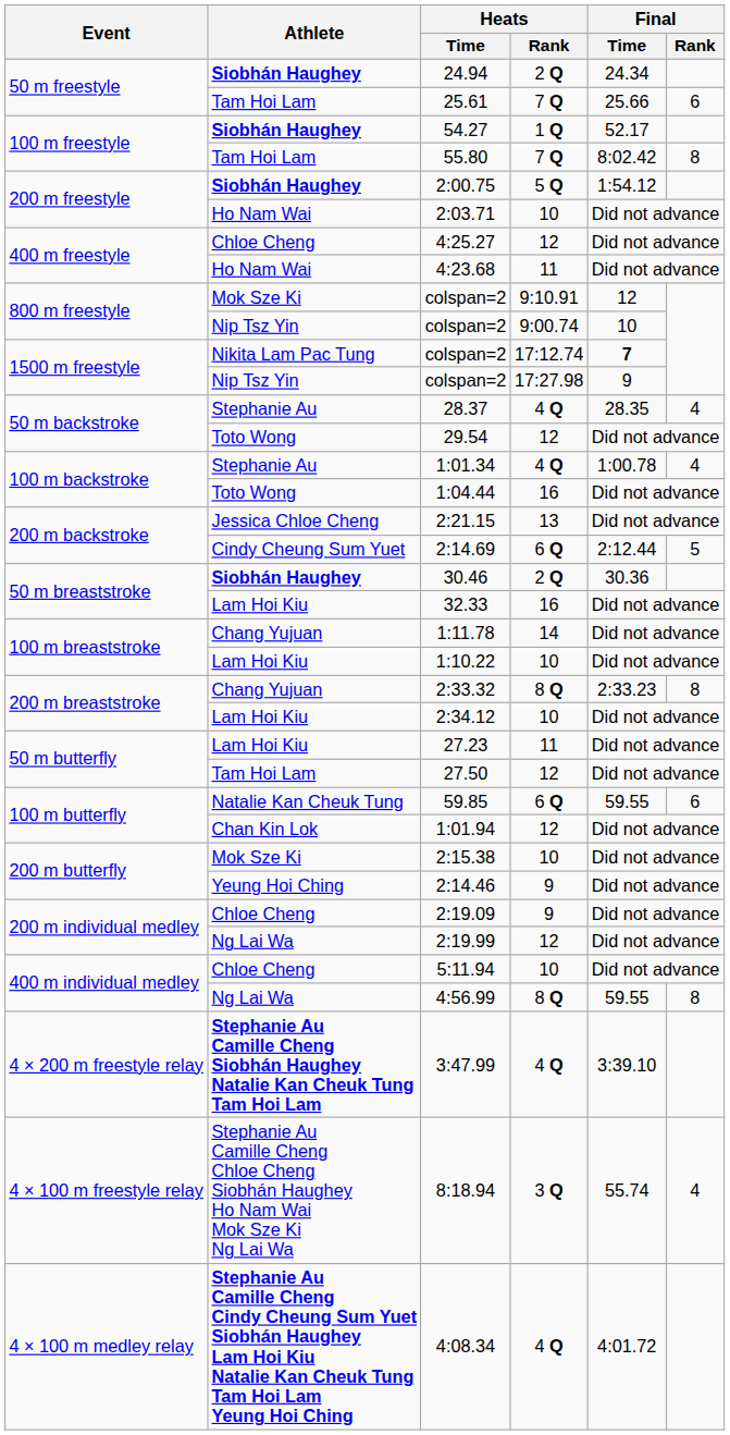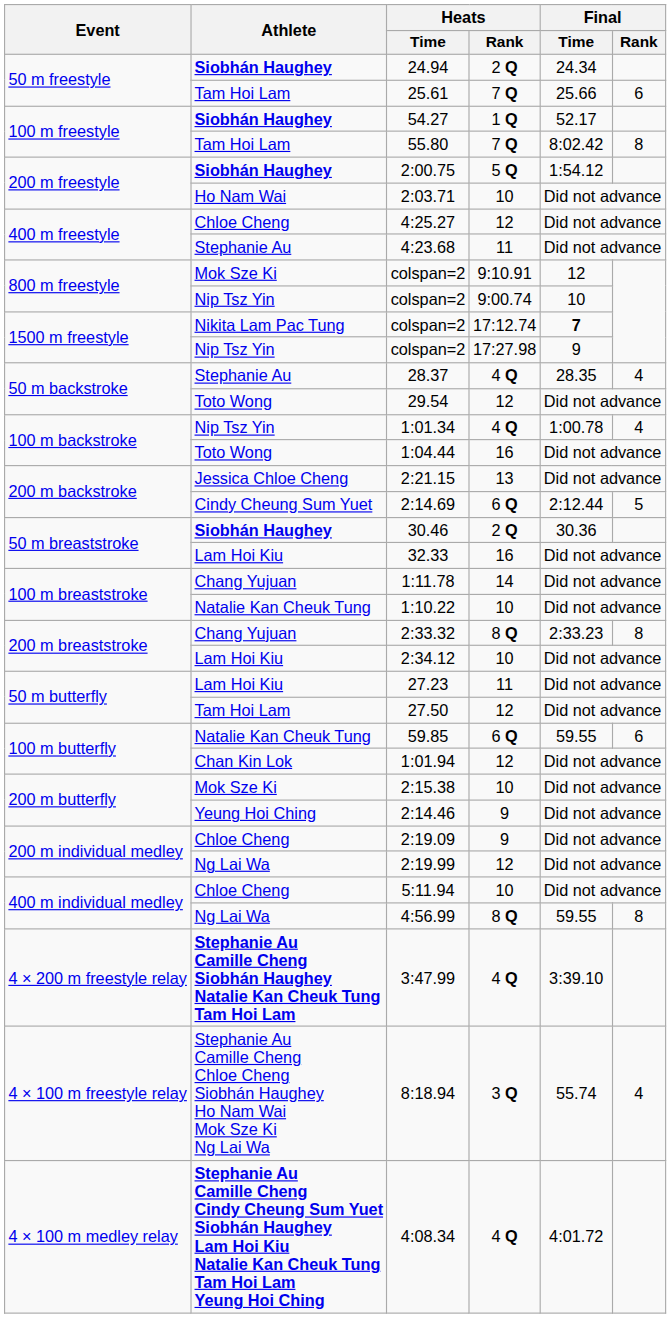 <table class=wikitable style="font-size:90%">
 <tr>
 <th rowspan="2">Event</th>
 <th rowspan="2">Athlete</th>
 <th colspan="2">Heats</th>
 <th colspan="2">Final</th>
 </tr>
 <tr style="font-size:95%">
 <th>Time</th>
 <th>Rank</th>
 <th>Time</th>
 <th>Rank</th>
 </tr>
 <tr align=center>
 <td align=left rowspan=2><a href='#'>50 m freestyle</a></td>
 <td align=left><strong><a href='#'>Siobhán Haughey</a></strong></td>
 <td>24.94</td>
 <td>2 <strong>Q</strong></td>
 <td>24.34</td>
 <td></td>
 </tr>
 <tr align=center>
 <td align=left><a href='#'>Tam Hoi Lam</a></td>
 <td>25.61</td>
 <td>7 <strong>Q</strong></td>
 <td>25.66</td>
 <td>6</td>
 </tr>
 <tr align=center>
 <td align=left rowspan=2><a href='#'>100 m freestyle</a></td>
 <td align=left><strong><a href='#'>Siobhán Haughey</a></strong></td>
 <td>54.27</td>
 <td>1 <strong>Q</strong></td>
 <td>52.17 </td>
 <td></td>
 </tr>
 <tr align=center>
 <td align=left><a href='#'>Tam Hoi Lam</a></td>
 <td>55.80</td>
 <td>7 <strong>Q</strong></td>
 <td>8:02.42</td>
 <td>8</td>
 </tr>
 <tr align=center>
 <td align=left rowspan=2><a href='#'>200 m freestyle</a></td>
 <td align=left><strong><a href='#'>Siobhán Haughey</a></strong></td>
 <td>2:00.75</td>
 <td>5 <strong>Q</strong></td>
 <td>1:54.12 </td>
 <td></td>
 </tr>
 <tr align=center>
 <td align=left><a href='#'>Ho Nam Wai</a></td>
 <td>2:03.71</td>
 <td>10</td>
 <td colspan=2>Did not advance</td>
 </tr>
 <tr align=center>
 <td align=left rowspan=2><a href='#'>400 m freestyle</a></td>
 <td align=left><a href='#'>Chloe Cheng</a></td>
 <td>4:25.27</td>
 <td>12</td>
 <td colspan=2>Did not advance</td>
 </tr>
 <tr align=center>
-<td align=left><a href='#'>Ho Nam Wai</a></td>
+<td align=left><a href='#'>Stephanie Au</a></td>
 <td>4:23.68</td>
 <td>11</td>
 <td colspan=2>Did not advance</td>
 </tr>
 <tr align=center>
 <td align=left rowspan=2><a href='#'>800 m freestyle</a></td>
 <td align=left><a href='#'>Mok Sze Ki</a></td>
 <td>colspan=2 </td>
 <td>9:10.91</td>
 <td>12</td>
 </tr>
 <tr align=center>
 <td align=left><a href='#'>Nip Tsz Yin</a></td>
 <td>colspan=2 </td>
 <td>9:00.74</td>
 <td>10</td>
 </tr>
 <tr align=center>
 <td align=left rowspan=2><a href='#'>1500 m freestyle</a></td>
 <td align=left><a href='#'>Nikita Lam Pac Tung</a></td>
 <td>colspan=2 </td>
 <td>17:12.74</td>
 <td><strong>7</strong></td>
 </tr>
 <tr align=center>
 <td align=left><a href='#'>Nip Tsz Yin</a></td>
 <td>colspan=2 </td>
 <td>17:27.98</td>
 <td>9</td>
 </tr>
 <tr align=center>
 <td align=left rowspan=2><a href='#'>50 m backstroke</a></td>
 <td align=left><a href='#'>Stephanie Au</a></td>
 <td>28.37</td>
 <td>4 <strong>Q</strong></td>
 <td>28.35</td>
 <td>4</td>
 </tr>
 <tr align=center>
 <td align=left><a href='#'>Toto Wong</a></td>
 <td>29.54</td>
 <td>12</td>
 <td colspan=2>Did not advance</td>
 </tr>
 <tr align=center>
 <td align=left rowspan=2><a href='#'>100 m backstroke</a></td>
-<td align=left><a href='#'>Stephanie Au</a></td>
+<td align=left><a href='#'>Nip Tsz Yin</a></td>
 <td>1:01.34</td>
 <td>4 <strong>Q</strong></td>
 <td>1:00.78</td>
 <td>4</td>
 </tr>
 <tr align=center>
 <td align=left><a href='#'>Toto Wong</a></td>
 <td>1:04.44</td>
 <td>16</td>
 <td colspan=2>Did not advance</td>
 </tr>
 <tr align=center>
 <td align=left rowspan=2><a href='#'>200 m backstroke</a></td>
 <td align=left><a href='#'>Jessica Chloe Cheng</a></td>
 <td>2:21.15</td>
 <td>13</td>
 <td colspan=2>Did not advance</td>
 </tr>
 <tr align=center>
 <td align=left><a href='#'>Cindy Cheung Sum Yuet</a></td>
 <td>2:14.69</td>
 <td>6 <strong>Q</strong></td>
 <td>2:12.44</td>
 <td>5</td>
 </tr>
 <tr align=center>
 <td align=left rowspan=2><a href='#'>50 m breaststroke</a></td>
 <td align=left><strong><a href='#'>Siobhán Haughey</a></strong></td>
 <td>30.46</td>
 <td>2 <strong>Q</strong></td>
 <td>30.36</td>
 <td></td>
 </tr>
 <tr align=center>
 <td align=left><a href='#'>Lam Hoi Kiu</a></td>
 <td>32.33</td>
 <td>16</td>
 <td colspan=2>Did not advance</td>
 </tr>
 <tr align=center>
 <td align=left rowspan=2><a href='#'>100 m breaststroke</a></td>
 <td align=left><a href='#'>Chang Yujuan</a></td>
 <td>1:11.78</td>
 <td>14</td>
 <td colspan=2>Did not advance</td>
 </tr>
 <tr align=center>
-<td align=left><a href='#'>Lam Hoi Kiu</a></td>
+<td align=left><a href='#'>Natalie Kan Cheuk Tung</a></td>
 <td>1:10.22</td>
 <td>10</td>
 <td colspan=2>Did not advance</td>
 </tr>
 <tr align=center>
 <td align=left rowspan=2><a href='#'>200 m breaststroke</a></td>
 <td align=left><a href='#'>Chang Yujuan</a></td>
 <td>2:33.32</td>
 <td>8 <strong>Q</strong></td>
 <td>2:33.23</td>
 <td>8</td>
 </tr>
 <tr align=center>
 <td align=left><a href='#'>Lam Hoi Kiu</a></td>
 <td>2:34.12</td>
 <td>10</td>
 <td colspan=2>Did not advance</td>
 </tr>
 <tr align=center>
 <td align=left rowspan=2><a href='#'>50 m butterfly</a></td>
 <td align=left><a href='#'>Lam Hoi Kiu</a></td>
 <td>27.23</td>
 <td>11</td>
 <td colspan=2>Did not advance</td>
 </tr>
 <tr align=center>
 <td align=left><a href='#'>Tam Hoi Lam</a></td>
 <td>27.50</td>
 <td>12</td>
 <td colspan=2>Did not advance</td>
 </tr>
 <tr align=center>
 <td align=left rowspan=2><a href='#'>100 m butterfly</a></td>
 <td align=left><a href='#'>Natalie Kan Cheuk Tung</a></td>
 <td>59.85</td>
 <td>6 <strong>Q</strong></td>
 <td>59.55</td>
 <td>6</td>
 </tr>
 <tr align=center>
 <td align=left><a href='#'>Chan Kin Lok</a></td>
 <td>1:01.94</td>
 <td>12</td>
 <td colspan=2>Did not advance</td>
 </tr>
 <tr align=center>
 <td align=left rowspan=2><a href='#'>200 m butterfly</a></td>
 <td align=left><a href='#'>Mok Sze Ki</a></td>
 <td>2:15.38</td>
 <td>10</td>
 <td colspan=2>Did not advance</td>
 </tr>
 <tr align=center>
 <td align=left><a href='#'>Yeung Hoi Ching</a></td>
 <td>2:14.46</td>
 <td>9</td>
 <td colspan=2>Did not advance</td>
 </tr>
 <tr align=center>
 <td align=left rowspan=2><a href='#'>200 m individual medley</a></td>
 <td align=left><a href='#'>Chloe Cheng</a></td>
 <td>2:19.09</td>
 <td>9</td>
 <td colspan=2>Did not advance</td>
 </tr>
 <tr align=center>
 <td align=left><a href='#'>Ng Lai Wa</a></td>
 <td>2:19.99</td>
 <td>12</td>
 <td colspan=2>Did not advance</td>
 </tr>
 <tr align=center>
 <td align=left rowspan=2><a href='#'>400 m individual medley</a></td>
 <td align=left><a href='#'>Chloe Cheng</a></td>
 <td>5:11.94</td>
 <td>10</td>
 <td colspan=2>Did not advance</td>
 </tr>
 <tr align=center>
 <td align=left><a href='#'>Ng Lai Wa</a></td>
 <td>4:56.99</td>
 <td>8 <strong>Q</strong></td>
 <td>59.55</td>
 <td>8</td>
 </tr>
 <tr align=center>
 <td align=left><a href='#'>4 × 200 m freestyle relay</a></td>
 <td align=left><strong><a href='#'>Stephanie Au</a><br><a href='#'>Camille Cheng</a><br><a href='#'>Siobhán Haughey</a><br><a href='#'>Natalie Kan Cheuk Tung</a><br><a href='#'>Tam Hoi Lam</a></strong></td>
 <td>3:47.99</td>
 <td>4 <strong>Q</strong></td>
 <td>3:39.10</td>
 <td></td>
 </tr>
 <tr align=center>
 <td align=left><a href='#'>4 × 100 m freestyle relay</a></td>
 <td align=left><a href='#'>Stephanie Au</a><br><a href='#'>Camille Cheng</a><br><a href='#'>Chloe Cheng</a><br><a href='#'>Siobhán Haughey</a><br><a href='#'>Ho Nam Wai</a><br><a href='#'>Mok Sze Ki</a><br><a href='#'>Ng Lai Wa</a></td>
 <td>8:18.94</td>
 <td>3 <strong>Q</strong></td>
 <td>55.74</td>
 <td>4</td>
 </tr>
 <tr align=center>
 <td align=left><a href='#'>4 × 100 m medley relay</a></td>
 <td align=left><strong><a href='#'>Stephanie Au</a><br><a href='#'>Camille Cheng</a><br><a href='#'>Cindy Cheung Sum Yuet</a><br><a href='#'>Siobhán Haughey</a><br><a href='#'>Lam Hoi Kiu</a><br><a href='#'>Natalie Kan Cheuk Tung</a><br><a href='#'>Tam Hoi Lam</a><br><a href='#'>Yeung Hoi Ching</a></strong></td>
 <td>4:08.34</td>
 <td>4 <strong>Q</strong></td>
 <td>4:01.72</td>
 <td></td>
 </tr>
 </table>
